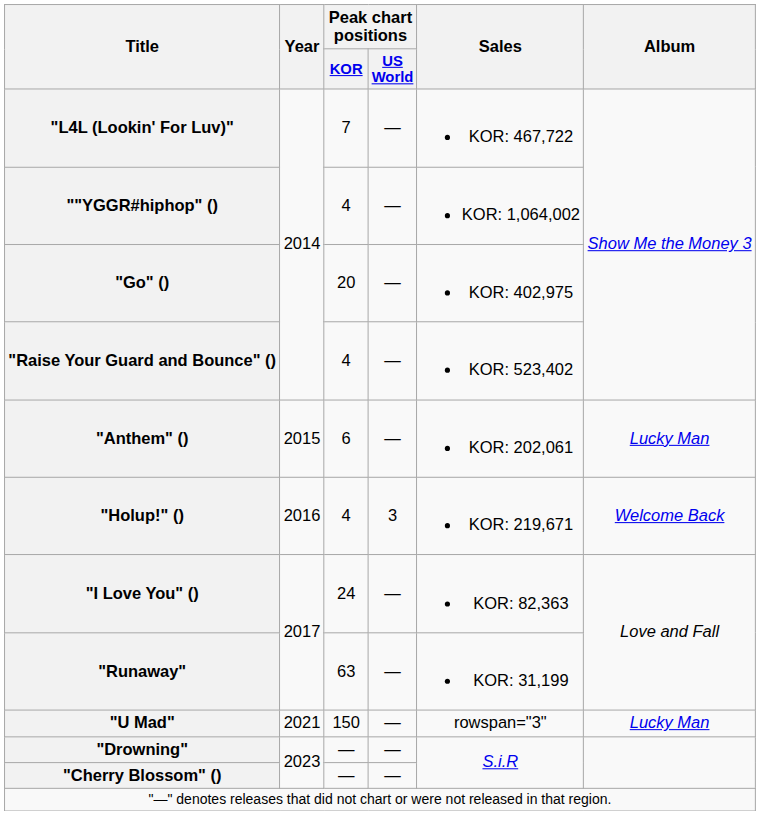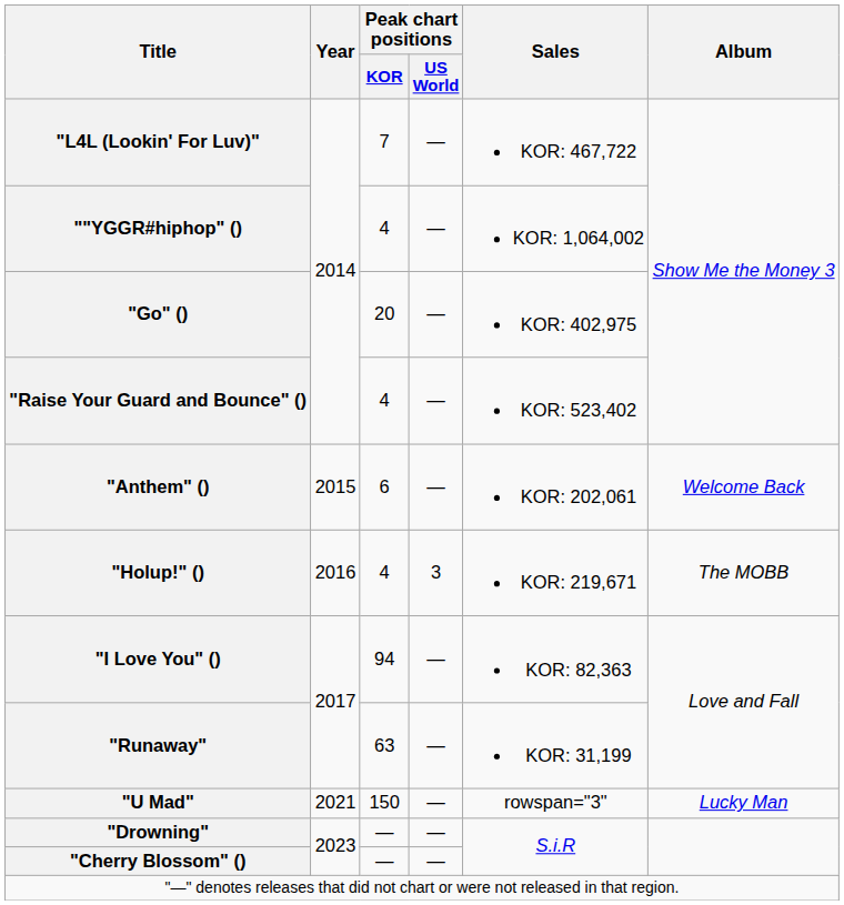 <table class="wikitable plainrowheaders" style="text-align:center;">
 <tr>
 <th scope="col" rowspan="2">Title</th>
 <th scope="col" rowspan="2" style="width:2em;">Year</th>
 <th scope="col" colspan="2">Peak chart positions</th>
 <th scope="col" rowspan="2">Sales</th>
 <th scope="col" rowspan="2">Album</th>
 </tr>
 <tr>
 <th scope="col" style="width:2.5em;font-size:90%;"><a href='#'>KOR</a><br></th>
 <th scope="col" style="width:2.5em;font-size:90%;"><a href='#'>US World</a><br></th>
 </tr>
 <tr>
 <th scope="row">"L4L (Lookin' For Luv)" </th>
 <td rowspan="4">2014</td>
 <td>7</td>
 <td>—</td>
 <td><br><ul><li>KOR: 467,722</li></ul></td>
 <td rowspan="4"><em><a href='#'>Show Me the Money 3</a></em></td>
 </tr>
 <tr>
 <th scope="row">""YGGR#hiphop" ()</th>
 <td>4</td>
 <td>—</td>
 <td><br><ul><li>KOR: 1,064,002</li></ul></td>
 </tr>
 <tr>
 <th scope="row">"Go" ()</th>
 <td>20</td>
 <td>—</td>
 <td><br><ul><li>KOR: 402,975</li></ul></td>
 </tr>
 <tr>
 <th scope="row">"Raise Your Guard and Bounce" ()</th>
 <td>4</td>
 <td>—</td>
 <td><br><ul><li>KOR: 523,402</li></ul></td>
 </tr>
 <tr>
 <th scope="row">"Anthem" () </th>
 <td>2015</td>
 <td>6</td>
 <td>—</td>
 <td><br><ul><li>KOR: 202,061</li></ul></td>
-<td><em><a href='#'>Lucky Man</a></em></td>
+<td><em><a href='#'>Welcome Back</a></em></td>
 </tr>
 <tr>
 <th scope="row">"Holup!" ()</th>
 <td>2016</td>
 <td>4</td>
 <td>3</td>
 <td><br><ul><li>KOR: 219,671</li></ul></td>
-<td><em><a href='#'>Welcome Back</a></em></td>
+<td><em>The MOBB</em></td>
 </tr>
 <tr>
 <th scope="row">"I Love You" ()</th>
 <td rowspan="2">2017</td>
-<td>24</td>
+<td>94</td>
 <td>—</td>
 <td><br><ul><li>KOR: 82,363</li></ul></td>
 <td rowspan="2"><em>Love and Fall</em></td>
 </tr>
 <tr>
 <th scope="row">"Runaway"</th>
 <td>63</td>
 <td>—</td>
 <td><br><ul><li>KOR: 31,199</li></ul></td>
 </tr>
 <tr>
 <th scope="row">"U Mad"</th>
 <td>2021</td>
 <td>150</td>
 <td>—</td>
 <td>rowspan="3" </td>
 <td><em><a href='#'>Lucky Man</a></em></td>
 </tr>
 <tr>
 <th scope="row">"Drowning" </th>
 <td rowspan="2">2023</td>
 <td>—</td>
 <td>—</td>
 <td rowspan="2"><em><a href='#'>S.i.R</a></em></td>
 </tr>
 <tr>
 <th scope="row">"Cherry Blossom" ()</th>
 <td>—</td>
 <td>—</td>
 </tr>
 <tr>
 <td colspan="7" style="font-size:85%">"—" denotes releases that did not chart or were not released in that region.</td>
 </tr>
 </table>
